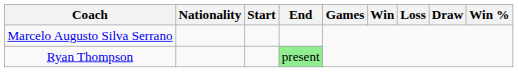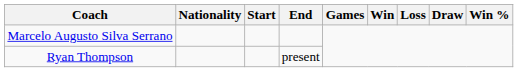 <table class="wikitable" style="text-align:center; margin-left: lem;">
 <tr>
 <th>Coach</th>
 <th>Nationality</th>
 <th>Start</th>
 <th>End</th>
 <th>Games</th>
 <th><strong>Win</strong></th>
 <th>Loss</th>
 <th>Draw</th>
 <th>Win %</th>
 </tr>
 <tr>
 <td><a href='#'>Marcelo Augusto Silva Serrano</a></td>
 <td></td>
 <td></td>
 <td><br></td>
 </tr>
 <tr>
 <td><a href='#'>Ryan Thompson</a></td>
 <td></td>
 <td></td>
-<td style="background: lightgreen;">present<br></td>
+<td>present<br></td>
 </tr>
 </table>
